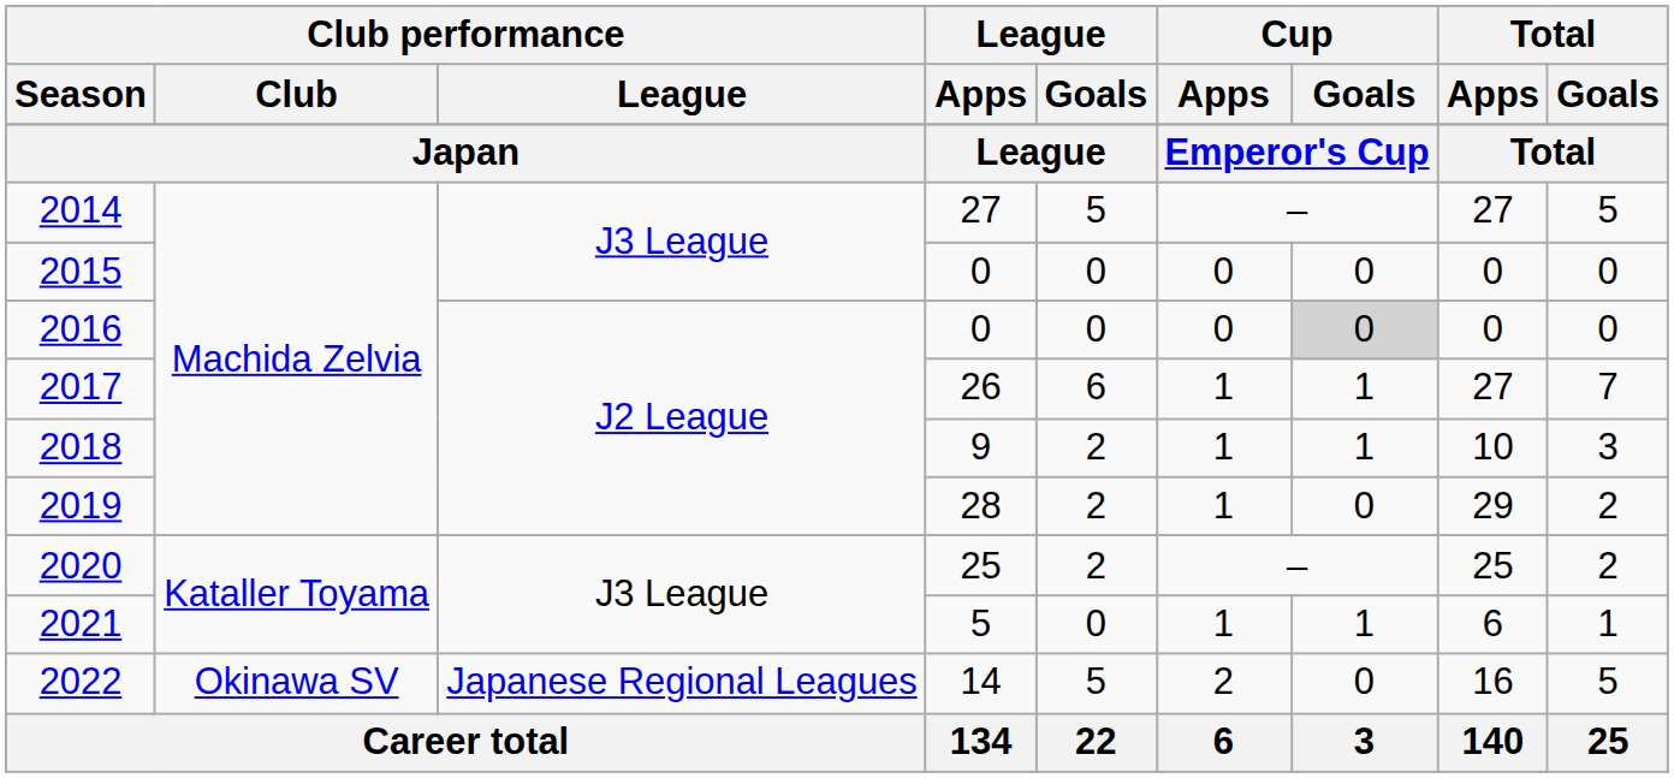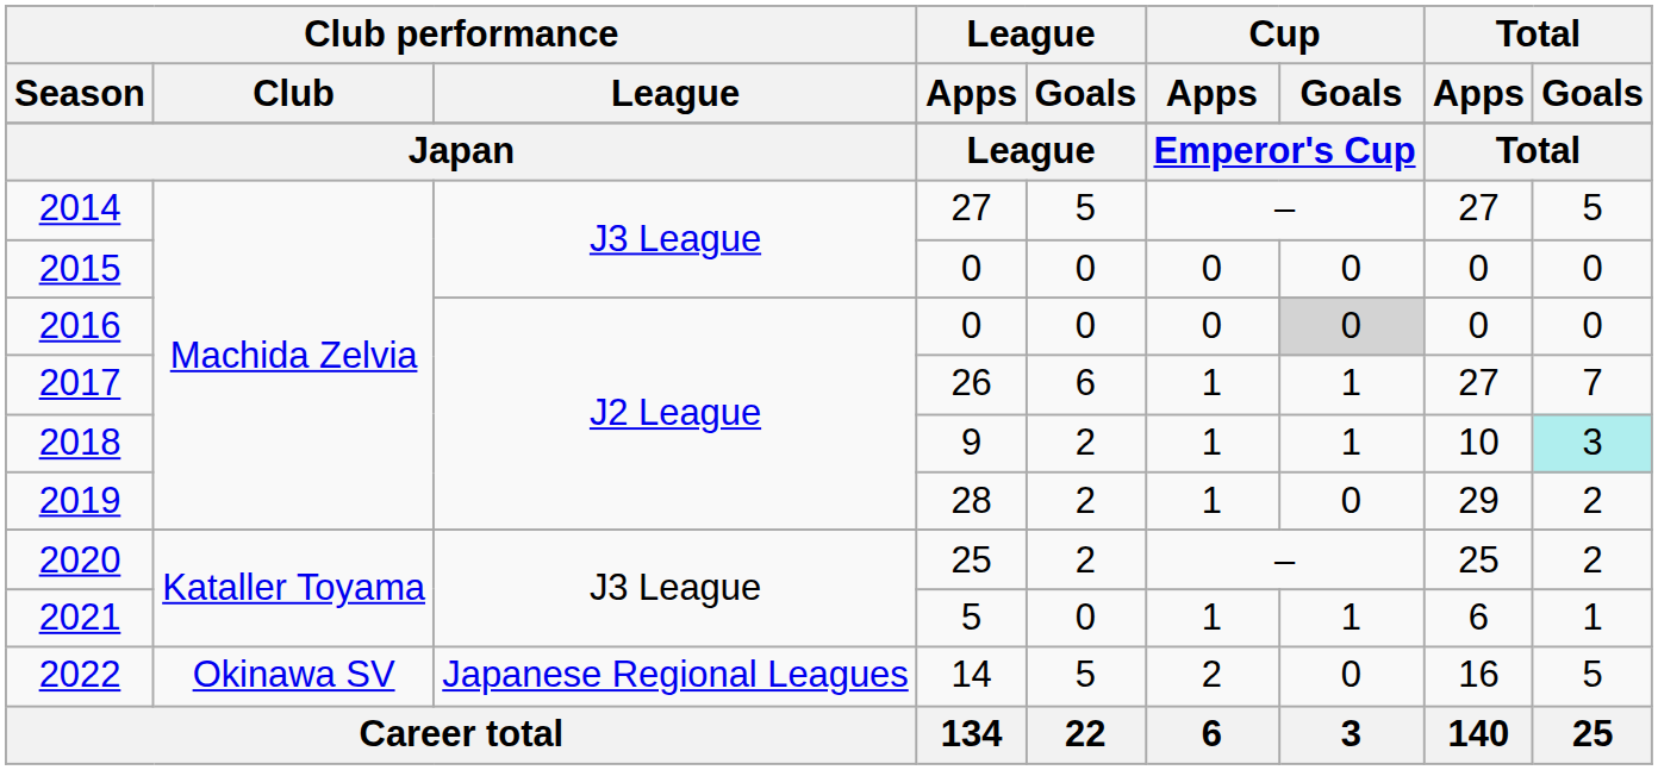 <table class="wikitable" style="text-align:center">
 <tr>
 <th colspan=3>Club performance</th>
 <th colspan=2>League</th>
 <th colspan=2>Cup</th>
 <th colspan=2>Total</th>
 </tr>
 <tr>
 <th>Season</th>
 <th>Club</th>
 <th>League</th>
 <th>Apps</th>
 <th>Goals</th>
 <th>Apps</th>
 <th>Goals</th>
 <th>Apps</th>
 <th>Goals</th>
 </tr>
 <tr>
 </tr>
 <tr>
 <th colspan=3>Japan</th>
 <th colspan=2>League</th>
 <th colspan=2><a href='#'>Emperor's Cup</a></th>
 <th colspan=2>Total</th>
 </tr>
 <tr>
 <td><a href='#'>2014</a></td>
 <td rowspan="6"><a href='#'>Machida Zelvia</a></td>
 <td rowspan="2"><a href='#'>J3 League</a></td>
 <td>27</td>
 <td>5</td>
 <td colspan="2">–</td>
 <td>27</td>
 <td>5</td>
 </tr>
 <tr>
 <td><a href='#'>2015</a></td>
 <td>0</td>
 <td>0</td>
 <td>0</td>
 <td>0</td>
 <td>0</td>
 <td>0</td>
 </tr>
 <tr>
 <td><a href='#'>2016</a></td>
 <td rowspan="4"><a href='#'>J2 League</a></td>
 <td>0</td>
 <td>0</td>
 <td>0</td>
 <td style="background: lightgrey;">0</td>
 <td>0</td>
 <td>0</td>
 </tr>
 <tr>
 <td><a href='#'>2017</a></td>
 <td>26</td>
 <td>6</td>
 <td>1</td>
 <td>1</td>
 <td>27</td>
 <td>7</td>
 </tr>
 <tr>
 <td><a href='#'>2018</a></td>
 <td>9</td>
 <td>2</td>
 <td>1</td>
 <td>1</td>
 <td>10</td>
-<td>3</td>
+<td style="background: paleturquoise;">3</td>
 </tr>
 <tr>
 <td><a href='#'>2019</a></td>
 <td>28</td>
 <td>2</td>
 <td>1</td>
 <td>0</td>
 <td>29</td>
 <td>2</td>
 </tr>
 <tr>
 <td><a href='#'>2020</a></td>
 <td rowspan="2"><a href='#'>Kataller Toyama</a></td>
 <td rowspan="2">J3 League</td>
 <td>25</td>
 <td>2</td>
 <td colspan="2">–</td>
 <td>25</td>
 <td>2</td>
 </tr>
 <tr>
 <td><a href='#'>2021</a></td>
 <td>5</td>
 <td>0</td>
 <td>1</td>
 <td>1</td>
 <td>6</td>
 <td>1</td>
 </tr>
 <tr>
 <td><a href='#'>2022</a></td>
 <td><a href='#'>Okinawa SV</a></td>
 <td><a href='#'>Japanese Regional Leagues</a></td>
 <td>14</td>
 <td>5</td>
 <td>2</td>
 <td>0</td>
 <td>16</td>
 <td>5</td>
 </tr>
 <tr>
 <th colspan=3>Career total</th>
 <th>134</th>
 <th>22</th>
 <th>6</th>
 <th>3</th>
 <th>140</th>
 <th>25</th>
 </tr>
 </table>
